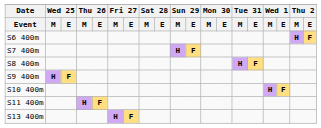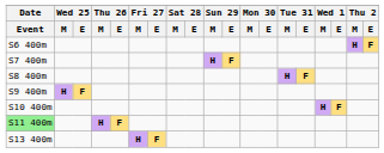 <table class="wikitable" style="margin:0.5em auto; font-size:90%; line-height:1.25em;">
 <tr align="center">
 </tr>
 <tr>
 <th>Date</th>
 <th colspan="2">Wed 25</th>
 <th colspan="2">Thu 26</th>
 <th colspan="2">Fri 27</th>
 <th colspan="2">Sat 28</th>
 <th colspan="2">Sun 29</th>
 <th colspan="2">Mon 30</th>
 <th colspan="2">Tue 31</th>
 <th colspan="2">Wed 1</th>
 <th colspan="2">Thu 2</th>
 </tr>
 <tr>
 <th>Event</th>
 <th>M</th>
 <th>E</th>
 <th>M</th>
 <th>E</th>
 <th>M</th>
 <th>E</th>
 <th>M</th>
 <th>E</th>
 <th>M</th>
 <th>E</th>
 <th>M</th>
 <th>E</th>
 <th>M</th>
 <th>E</th>
 <th>M</th>
 <th>E</th>
 <th>M</th>
 <th>E</th>
 </tr>
 <tr align="center">
 <td align="left">S6 400m</td>
 <td colspan="2"></td>
 <td colspan="2"></td>
 <td colspan="2"></td>
 <td colspan="2"></td>
 <td colspan="2"></td>
 <td colspan="2"></td>
 <td colspan="2"></td>
 <td colspan="2"></td>
 <td bgcolor="#D0A9F5"><strong>H</strong></td>
 <td bgcolor="#FFDF80"><strong>F</strong></td>
 </tr>
 <tr align="center">
 <td align="left">S7 400m</td>
 <td colspan="2"></td>
 <td colspan="2"></td>
 <td colspan="2"></td>
 <td colspan="2"></td>
 <td bgcolor="#D0A9F5"><strong>H</strong></td>
 <td bgcolor="#FFDF80"><strong>F</strong></td>
 <td colspan="2"></td>
 <td colspan="2"></td>
 <td colspan="2"></td>
 <td colspan="2"></td>
 </tr>
 <tr align="center">
 <td align="left">S8 400m</td>
 <td colspan="2"></td>
 <td colspan="2"></td>
 <td colspan="2"></td>
 <td colspan="2"></td>
 <td colspan="2"></td>
 <td colspan="2"></td>
 <td bgcolor="#D0A9F5"><strong>H</strong></td>
 <td bgcolor="#FFDF80"><strong>F</strong></td>
 <td colspan="2"></td>
 <td colspan="2"></td>
 </tr>
 <tr align="center">
 <td align="left">S9 400m</td>
 <td bgcolor="#D0A9F5"><strong>H</strong></td>
 <td bgcolor="#FFDF80"><strong>F</strong></td>
 <td colspan="2"></td>
 <td colspan="2"></td>
 <td colspan="2"></td>
 <td colspan="2"></td>
 <td colspan="2"></td>
 <td colspan="2"></td>
 <td colspan="2"></td>
 <td colspan="2"></td>
 </tr>
 <tr align="center">
 <td align="left">S10 400m</td>
 <td colspan="2"></td>
 <td colspan="2"></td>
 <td colspan="2"></td>
 <td colspan="2"></td>
 <td colspan="2"></td>
 <td colspan="2"></td>
 <td colspan="2"></td>
 <td bgcolor="#D0A9F5"><strong>H</strong></td>
 <td bgcolor="#FFDF80"><strong>F</strong></td>
 <td colspan="2"></td>
 </tr>
 <tr align="center">
-<td align="left">S11 400m</td>
+<td align="left" style="background: lightgreen;">S11 400m</td>
 <td colspan="2"></td>
 <td bgcolor="#D0A9F5"><strong>H</strong></td>
 <td bgcolor="#FFDF80"><strong>F</strong></td>
 <td colspan="2"></td>
 <td colspan="2"></td>
 <td colspan="2"></td>
 <td colspan="2"></td>
 <td colspan="2"></td>
 <td colspan="2"></td>
 <td colspan="2"></td>
 </tr>
 <tr align="center">
 <td align="left">S13 400m</td>
 <td colspan="2"></td>
 <td colspan="2"></td>
 <td bgcolor="#D0A9F5"><strong>H</strong></td>
 <td bgcolor="#FFDF80"><strong>F</strong></td>
 <td colspan="2"></td>
 <td colspan="2"></td>
 <td colspan="2"></td>
 <td colspan="2"></td>
 <td colspan="2"></td>
 <td colspan="2"></td>
 </tr>
 </table>
